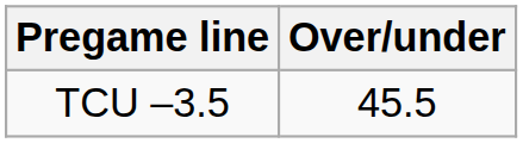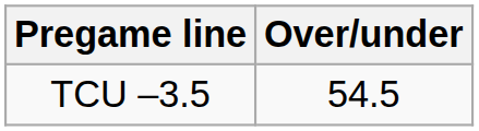 <table class="wikitable" style="margin-left: auto; margin-right: auto; border: none; display: inline-table;">
 <tr align="center">
 <th style=>Pregame line</th>
 <th style=>Over/under</th>
 </tr>
 <tr align="center">
 <td>TCU –3.5</td>
-<td>45.5</td>
+<td>54.5</td>
 </tr>
 </table>
